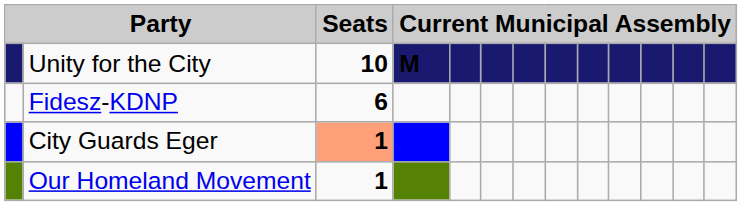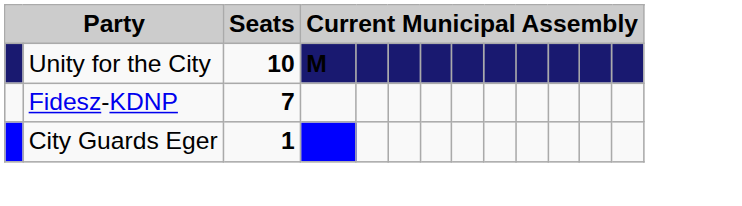 <table class="wikitable">
 <tr>
 <th style="background:#ccc" colspan="2">Party</th>
 <th style="background:#ccc">Seats</th>
 <th style="background:#ccc" colspan="10">Current Municipal Assembly</th>
 </tr>
 <tr>
 <td style="background-color: #191970"> </td>
 <td>Unity for the City</td>
 <td style="text-align: right"><strong>10</strong></td>
 <td style="background-color: #191970"><span><strong>M</strong></span></td>
 <td style="background-color: #191970"> </td>
 <td style="background-color: #191970"> </td>
 <td style="background-color: #191970"> </td>
 <td style="background-color: #191970"> </td>
 <td style="background-color: #191970"> </td>
 <td style="background-color: #191970"> </td>
 <td style="background-color: #191970"> </td>
 <td style="background-color: #191970"> </td>
 <td style="background-color: #191970"> </td>
 </tr>
 <tr>
 <td style="background-color: "> </td>
 <td><a href='#'>Fidesz</a>-<a href='#'>KDNP</a></td>
-<td style="text-align: right"><strong>6</strong></td>
+<td style="text-align: right"><strong>7</strong></td>
 <td style="background-color: "> </td>
 <td style="background-color: "> </td>
 <td style="background-color: "> </td>
 <td style="background-color: "> </td>
 <td style="background-color: "> </td>
 <td style="background-color: "> </td>
 <td> </td>
 <td> </td>
 <td> </td>
 <td> </td>
 </tr>
 <tr>
 <td style="background-color: #0000FF"> </td>
 <td>City Guards Eger</td>
-<td style="background: lightsalmon; text-align: right"><strong>1</strong></td>
+<td style="text-align: right"><strong>1</strong></td>
 <td style="background-color: #0000FF"> </td>
 <td> </td>
 <td> </td>
 <td> </td>
 <td> </td>
 <td> </td>
 <td> </td>
 <td> </td>
 <td> </td>
 <td> </td>
 </tr>
-<tr>
-<td style="background-color: #568203"> </td>
-<td><a href='#'>Our Homeland Movement</a></td>
-<td style="text-align: right"><strong>1</strong></td>
-<td style="background-color: #568203"> </td>
-<td> </td>
-<td> </td>
-<td> </td>
-<td> </td>
-<td> </td>
-<td> </td>
-<td> </td>
-<td> </td>
-<td> </td>
-</tr>
 </table>
